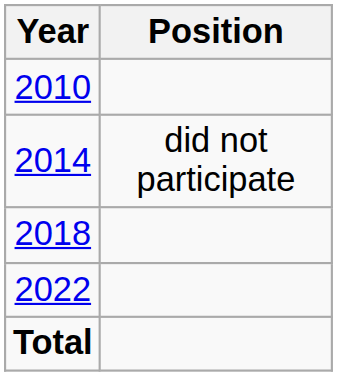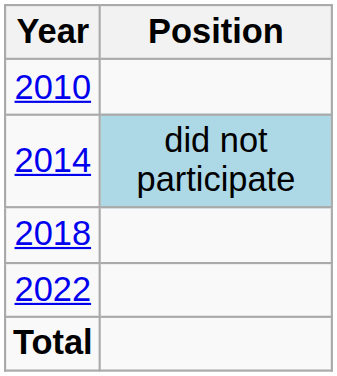 <table class="wikitable" style="text-align: center;">
 <tr>
 <th>Year</th>
 <th width="100">Position</th>
 </tr>
 <tr>
 <td> <a href='#'>2010</a></td>
 <td></td>
 </tr>
 <tr>
 <td> <a href='#'>2014</a></td>
-<td>did not participate</td>
+<td style="background: lightblue;">did not participate</td>
 </tr>
 <tr>
 <td> <a href='#'>2018</a></td>
 <td></td>
 </tr>
 <tr>
 <td> <a href='#'>2022</a></td>
 <td></td>
 </tr>
 <tr>
 <td><strong>Total</strong></td>
 <td></td>
 </tr>
 </table>
